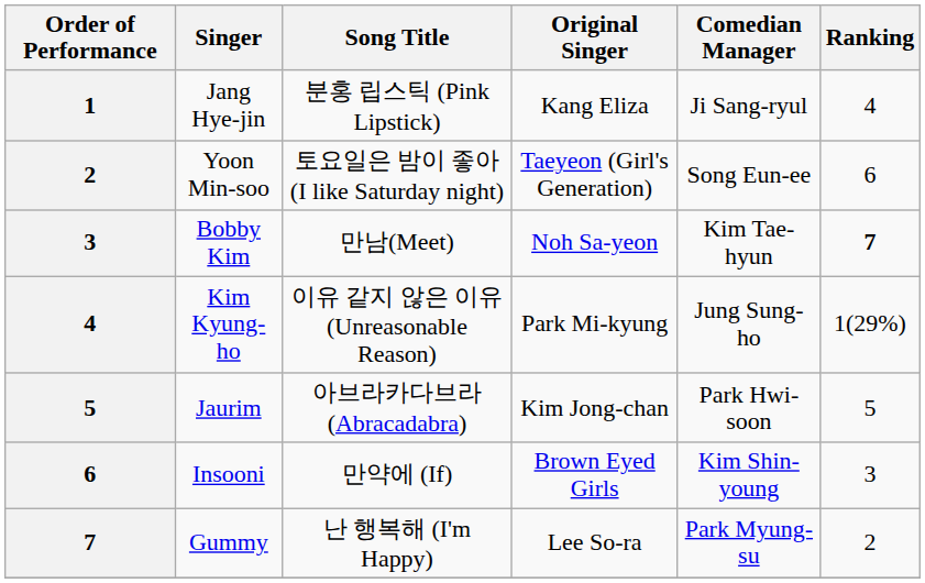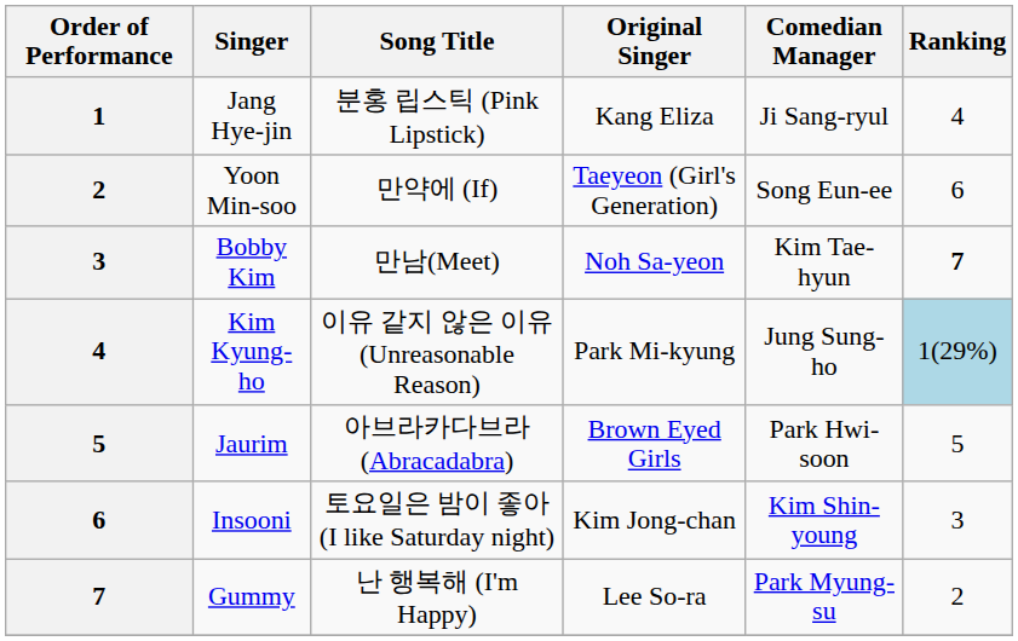 <table class="wikitable">
 <tr>
 <th>Order of Performance</th>
 <th>Singer</th>
 <th>Song Title</th>
 <th>Original Singer</th>
 <th>Comedian Manager</th>
 <th>Ranking</th>
 </tr>
 <tr align="center">
 <th>1</th>
 <td>Jang Hye-jin</td>
 <td>분홍 립스틱 (Pink Lipstick)</td>
 <td>Kang Eliza</td>
 <td>Ji Sang-ryul</td>
 <td>4</td>
 </tr>
 <tr align="center">
 <th>2</th>
 <td>Yoon Min-soo</td>
-<td>토요일은 밤이 좋아 (I like Saturday night)</td>
+<td>만약에 (If)</td>
 <td><a href='#'>Taeyeon</a> (Girl's Generation)</td>
 <td>Song Eun-ee</td>
 <td>6</td>
 </tr>
 <tr align="center">
 <th>3</th>
 <td><a href='#'>Bobby Kim</a></td>
 <td>만남(Meet)</td>
 <td><a href='#'>Noh Sa-yeon</a></td>
 <td>Kim Tae-hyun</td>
 <td><strong>7</strong></td>
 </tr>
 <tr align="center">
 <th>4</th>
 <td><a href='#'>Kim Kyung-ho</a></td>
 <td>이유 같지 않은 이유 (Unreasonable Reason)</td>
 <td>Park Mi-kyung</td>
 <td>Jung Sung-ho</td>
-<td>1(29%)</td>
+<td style="background: lightblue;">1(29%)</td>
 </tr>
 <tr align="center">
 <th>5</th>
 <td><a href='#'>Jaurim</a></td>
 <td>아브라카다브라 (<a href='#'>Abracadabra</a>)</td>
-<td>Kim Jong-chan</td>
+<td><a href='#'>Brown Eyed Girls</a></td>
 <td>Park Hwi-soon</td>
 <td>5</td>
 </tr>
 <tr align="center">
 <th>6</th>
 <td><a href='#'>Insooni</a></td>
-<td>만약에 (If)</td>
-<td><a href='#'>Brown Eyed Girls</a></td>
+<td>토요일은 밤이 좋아 (I like Saturday night)</td>
+<td>Kim Jong-chan</td>
 <td><a href='#'>Kim Shin-young</a></td>
 <td>3</td>
 </tr>
 <tr align="center">
 <th>7</th>
 <td><a href='#'>Gummy</a></td>
 <td>난 행복해 (I'm Happy)</td>
 <td>Lee So-ra</td>
 <td><a href='#'>Park Myung-su</a></td>
 <td>2</td>
 </tr>
 <tr>
 </tr>
 </table>
